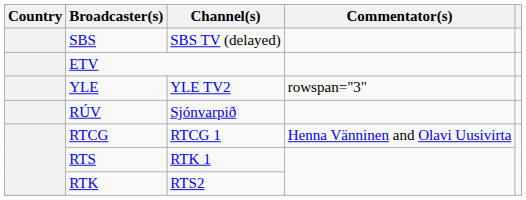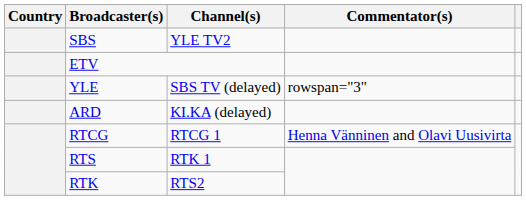 <table class="wikitable plainrowheaders">
 <tr>
 <th scope="col">Country</th>
 <th scope="col">Broadcaster(s)</th>
 <th>Channel(s)</th>
 <th scope="col">Commentator(s)</th>
 <th scope="col"></th>
 </tr>
 <tr>
 <th scope="row"></th>
 <td><a href='#'>SBS</a></td>
-<td><a href='#'>SBS TV</a> (delayed)</td>
+<td><a href='#'>YLE TV2</a></td>
 <td></td>
 <td></td>
 </tr>
 <tr>
 <th scope="row"></th>
 <td colspan="2"><a href='#'>ETV</a></td>
 <td></td>
 <td></td>
 </tr>
 <tr>
 <th scope="row"></th>
 <td><a href='#'>YLE</a></td>
-<td><a href='#'>YLE TV2</a></td>
+<td><a href='#'>SBS TV</a> (delayed)</td>
 <td>rowspan="3" </td>
 <td></td>
 </tr>
 <tr>
 <th scope="row"></th>
-<td><a href='#'>RÚV</a></td>
-<td><a href='#'>Sjónvarpið</a></td>
+<td><a href='#'>ARD</a></td>
+<td><a href='#'>KI.KA</a> (delayed)</td>
 <td></td>
 <td></td>
 </tr>
 <tr>
 <th rowspan="3" scope="row"></th>
 <td><a href='#'>RTCG</a></td>
 <td><a href='#'>RTCG 1</a></td>
 <td><a href='#'>Henna Vänninen</a> and <a href='#'>Olavi Uusivirta</a></td>
 <td rowspan="3"></td>
 </tr>
 <tr>
 <td><a href='#'>RTS</a></td>
 <td><a href='#'>RTK 1</a></td>
 </tr>
 <tr>
 <td><a href='#'>RTK</a></td>
 <td><a href='#'>RTS2</a></td>
 </tr>
 </table>
